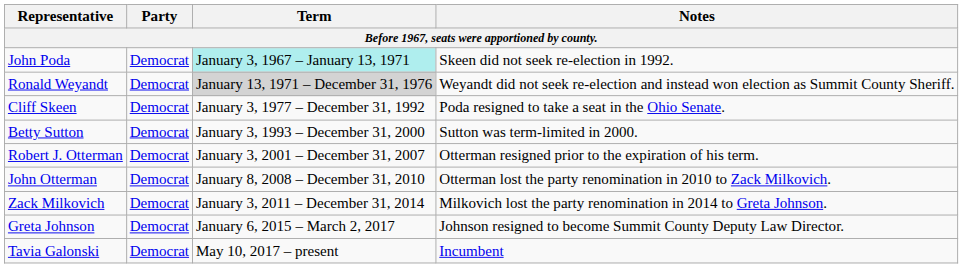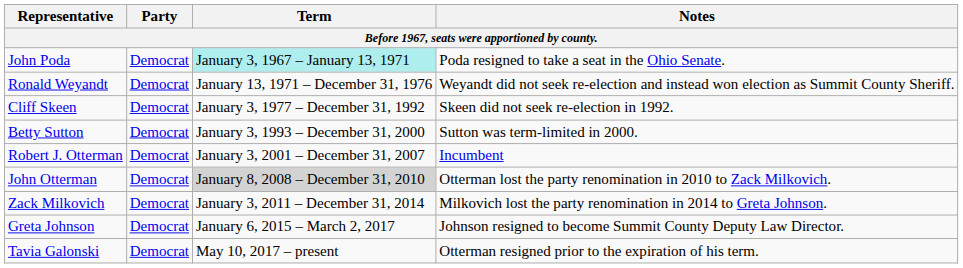 <table class=wikitable>
 <tr valign=bottom>
 <th>Representative</th>
 <th>Party</th>
 <th>Term</th>
 <th>Notes</th>
 </tr>
 <tr>
 <th colspan=5 style="font-size: 80%;"><em>Before 1967, seats were apportioned by county.</em></th>
 </tr>
 <tr>
 <td><a href='#'>John Poda</a></td>
 <td><a href='#'>Democrat</a></td>
 <td style="background: paleturquoise;">January 3, 1967 – January 13, 1971</td>
-<td>Skeen did not seek re-election in 1992.</td>
+<td>Poda resigned to take a seat in the <a href='#'>Ohio Senate</a>.</td>
 </tr>
 <tr>
 <td><a href='#'>Ronald Weyandt</a></td>
 <td><a href='#'>Democrat</a></td>
-<td style="background: lightgrey;">January 13, 1971 – December 31, 1976</td>
+<td>January 13, 1971 – December 31, 1976</td>
 <td>Weyandt did not seek re-election and instead won election as Summit County Sheriff.</td>
 </tr>
 <tr>
 <td><a href='#'>Cliff Skeen</a></td>
 <td><a href='#'>Democrat</a></td>
 <td>January 3, 1977 – December 31, 1992</td>
-<td>Poda resigned to take a seat in the <a href='#'>Ohio Senate</a>.</td>
+<td>Skeen did not seek re-election in 1992.</td>
 </tr>
 <tr>
 <td><a href='#'>Betty Sutton</a></td>
 <td><a href='#'>Democrat</a></td>
 <td>January 3, 1993 – December 31, 2000</td>
 <td>Sutton was term-limited in 2000.</td>
 </tr>
 <tr>
 <td><a href='#'>Robert J. Otterman</a></td>
 <td><a href='#'>Democrat</a></td>
 <td>January 3, 2001 – December 31, 2007</td>
-<td>Otterman resigned prior to the expiration of his term.</td>
+<td><a href='#'>Incumbent</a></td>
 </tr>
 <tr>
 <td><a href='#'>John Otterman</a></td>
 <td><a href='#'>Democrat</a></td>
-<td>January 8, 2008 – December 31, 2010</td>
+<td style="background: lightgrey;">January 8, 2008 – December 31, 2010</td>
 <td>Otterman lost the party renomination in 2010 to <a href='#'>Zack Milkovich</a>.</td>
 </tr>
 <tr>
 <td><a href='#'>Zack Milkovich</a></td>
 <td><a href='#'>Democrat</a></td>
 <td>January 3, 2011 – December 31, 2014</td>
 <td>Milkovich lost the party renomination in 2014 to <a href='#'>Greta Johnson</a>.</td>
 </tr>
 <tr>
 <td><a href='#'>Greta Johnson</a></td>
 <td><a href='#'>Democrat</a></td>
 <td>January 6, 2015 – March 2, 2017</td>
 <td>Johnson resigned to become Summit County Deputy Law Director.</td>
 </tr>
 <tr>
 <td><a href='#'>Tavia Galonski</a></td>
 <td><a href='#'>Democrat</a></td>
 <td>May 10, 2017 – present</td>
-<td><a href='#'>Incumbent</a></td>
+<td>Otterman resigned prior to the expiration of his term.</td>
 </tr>
 </table>
